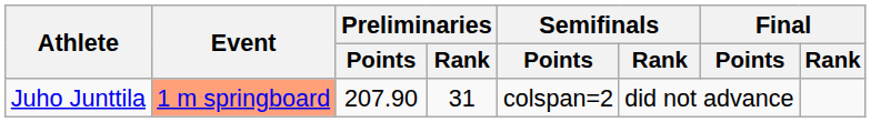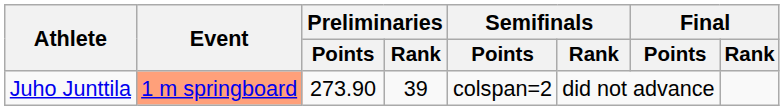 <table class="wikitable" style="text-align:center; font-size:90%">
 <tr>
 <th rowspan="2">Athlete</th>
 <th rowspan="2">Event</th>
 <th colspan="2">Preliminaries</th>
 <th colspan="2">Semifinals</th>
 <th colspan="2">Final</th>
 </tr>
 <tr style="font-size:95%">
 <th>Points</th>
 <th>Rank</th>
 <th>Points</th>
 <th>Rank</th>
 <th>Points</th>
 <th>Rank</th>
 </tr>
 <tr>
 <td align=left><a href='#'>Juho Junttila</a></td>
 <td align=left style="background: lightsalmon;"><a href='#'>1 m springboard</a></td>
-<td>207.90</td>
-<td>31</td>
+<td>273.90</td>
+<td>39</td>
 <td>colspan=2 </td>
 <td colspan=2>did not advance</td>
 </tr>
 </table>
